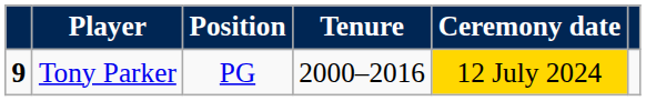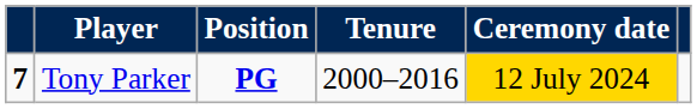 <table class="wikitable" style="text-align:center;">
 <tr>
 <th style="background:#002654; color:#FFFFFF"></th>
 <th style="background:#002654; color:#FFFFFF">Player</th>
 <th style="background:#002654; color:#FFFFFF">Position</th>
 <th style="background:#002654; color:#FFFFFF">Tenure</th>
 <th style="background:#002654; color:#FFFFFF">Ceremony date</th>
 <th style="background:#002654; color:#FFFFFF"></th>
 </tr>
 <tr>
-<td><strong>9</strong></td>
+<td><strong>7</strong></td>
 <td><a href='#'>Tony Parker</a></td>
-<td><a href='#'>PG</a></td>
+<td><strong><a href='#'>PG</a></strong></td>
 <td>2000–2016</td>
 <td style="background: gold;">12 July 2024</td>
 <td></td>
 </tr>
 </table>
